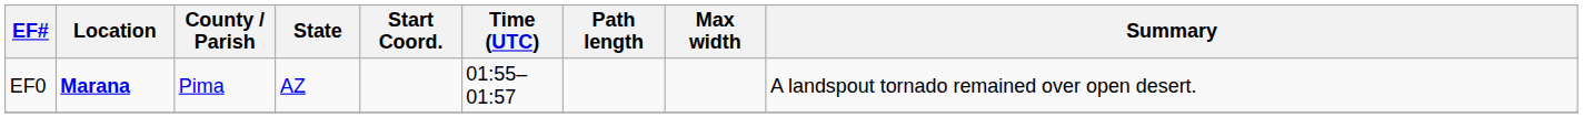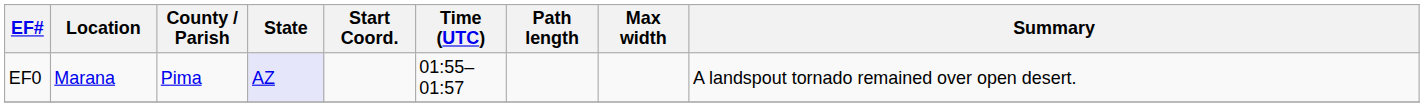 <table class="wikitable sortable" style="width:100%;">
 <tr>
 <th scope="col"  style="width:3%; text-align:center;"><a href='#'>EF#</a></th>
 <th scope="col"  style="width:7%; text-align:center;" class="unsortable">Location</th>
 <th scope="col"  style="width:6%; text-align:center;" class="unsortable">County / Parish</th>
 <th scope="col"  style="width:5%; text-align:center;">State</th>
 <th scope="col"  style="width:6%; text-align:center;">Start Coord.</th>
 <th scope="col"  style="width:6%; text-align:center;">Time (<a href='#'>UTC</a>)</th>
 <th scope="col"  style="width:6%; text-align:center;">Path length</th>
 <th scope="col"  style="width:6%; text-align:center;">Max width</th>
 <th scope="col" class="unsortable" style="width:48%; text-align:center;">Summary</th>
 </tr>
 <tr>
 <td>EF0</td>
-<td><strong><a href='#'>Marana</a></strong></td>
+<td><a href='#'>Marana</a></td>
 <td><a href='#'>Pima</a></td>
-<td><a href='#'>AZ</a></td>
+<td style="background: lavender;"><a href='#'>AZ</a></td>
 <td></td>
 <td>01:55–01:57</td>
 <td></td>
 <td></td>
 <td>A landspout tornado remained over open desert.</td>
 </tr>
 <tr>
 </tr>
 </table>
